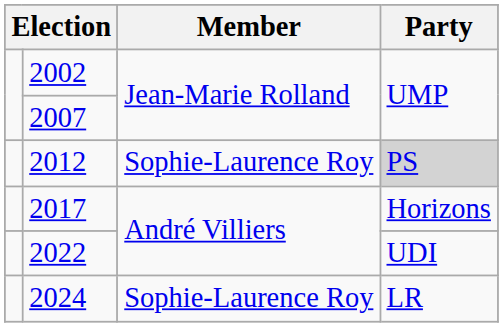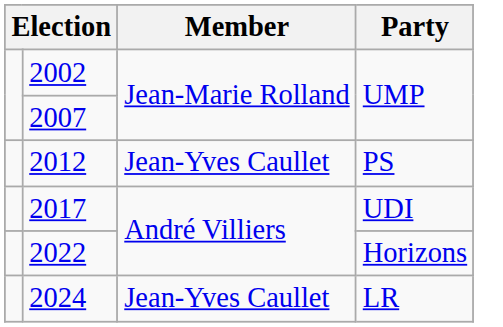 <table class="wikitable">
 <tr>
 <th colspan="2">Election</th>
 <th>Member</th>
 <th>Party</th>
 </tr>
 <tr>
 <td rowspan="2" style="background-color: "></td>
 <td><a href='#'>2002</a></td>
 <td rowspan="2"><a href='#'>Jean-Marie Rolland</a></td>
 <td rowspan="2"><a href='#'>UMP</a></td>
 </tr>
 <tr>
 <td><a href='#'>2007</a></td>
 </tr>
 <tr>
 <td style="background-color: "></td>
 <td><a href='#'>2012</a></td>
-<td><a href='#'>Sophie-Laurence Roy</a></td>
-<td style="background: lightgrey;"><a href='#'>PS</a></td>
+<td><a href='#'>Jean-Yves Caullet</a></td>
+<td><a href='#'>PS</a></td>
 </tr>
 <tr>
 <td style="background-color: "></td>
 <td><a href='#'>2017</a></td>
 <td rowspan="2"><a href='#'>André Villiers</a></td>
+<td><a href='#'>UDI</a></td>
+</tr>
+<tr>
+<td style="background-color: "></td>
+<td><a href='#'>2022</a></td>
 <td><a href='#'>Horizons</a></td>
 </tr>
 <tr>
 <td style="background-color: "></td>
-<td><a href='#'>2022</a></td>
-<td><a href='#'>UDI</a></td>
-</tr>
-<tr>
-<td style="background-color: "></td>
 <td><a href='#'>2024</a></td>
-<td><a href='#'>Sophie-Laurence Roy</a></td>
+<td><a href='#'>Jean-Yves Caullet</a></td>
 <td><a href='#'>LR</a></td>
 </tr>
 </table>
